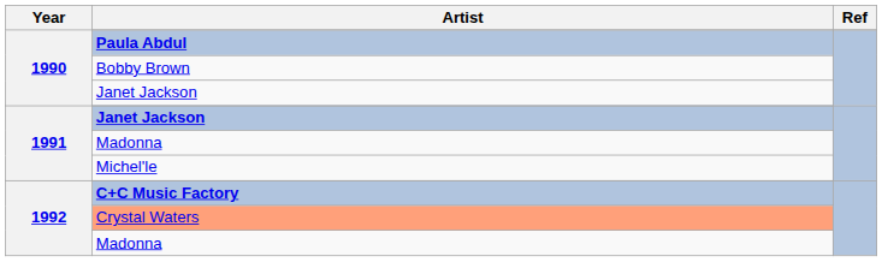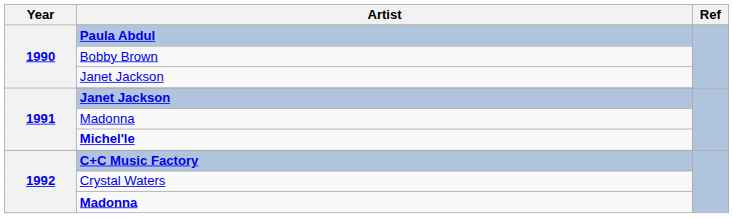 <table class="wikitable" width="100%">
 <tr>
 <th width="10%">Year</th>
 <th width="85%">Artist</th>
 <th width="5%">Ref</th>
 </tr>
 <tr>
 <th rowspan="4" align="center"><a href='#'>1990<br></a></th>
 </tr>
 <tr style="background:#B0C4DE">
 <td><strong><a href='#'>Paula Abdul</a></strong></td>
 <td rowspan="4" align="center"></td>
 </tr>
 <tr>
 <td><a href='#'>Bobby Brown</a></td>
 </tr>
 <tr>
 <td><a href='#'>Janet Jackson</a></td>
 </tr>
 <tr>
 <th rowspan="4" align="center"><a href='#'>1991<br></a></th>
 </tr>
 <tr style="background:#B0C4DE">
 <td><strong><a href='#'>Janet Jackson</a></strong></td>
 <td rowspan="4" align="center"></td>
 </tr>
 <tr>
 <td><a href='#'>Madonna</a></td>
 </tr>
 <tr>
-<td><a href='#'>Michel'le</a></td>
+<td><strong><a href='#'>Michel'le</a></strong></td>
 </tr>
 <tr>
 <th rowspan="4" align="center"><a href='#'>1992<br></a></th>
 </tr>
 <tr style="background:#B0C4DE">
 <td><strong><a href='#'>C+C Music Factory</a></strong></td>
 <td rowspan="4" align="center"></td>
 </tr>
 <tr>
-<td style="background: lightsalmon;"><a href='#'>Crystal Waters</a></td>
+<td><a href='#'>Crystal Waters</a></td>
 </tr>
 <tr>
-<td><a href='#'>Madonna</a></td>
+<td><strong><a href='#'>Madonna</a></strong></td>
 </tr>
 </table>
